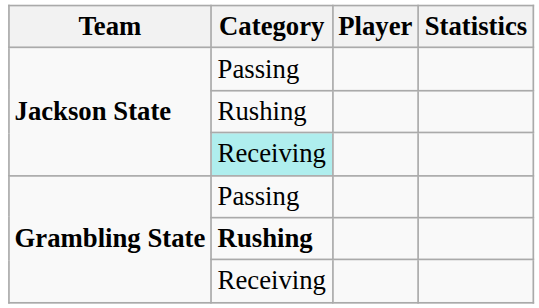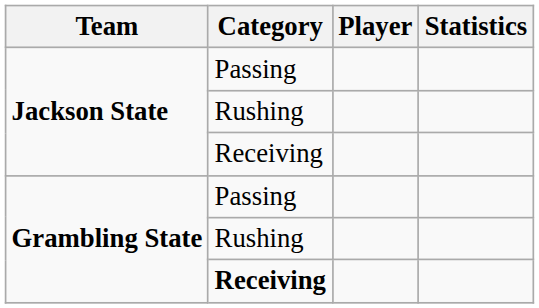 <table class="wikitable" style="float: right;">
 <tr>
 <th>Team</th>
 <th>Category</th>
 <th>Player</th>
 <th>Statistics</th>
 </tr>
 <tr>
 <td rowspan=3><strong>Jackson State</strong></td>
 <td>Passing</td>
 <td></td>
 <td></td>
 </tr>
 <tr>
 <td>Rushing</td>
 <td></td>
 <td></td>
 </tr>
 <tr>
-<td style="background: paleturquoise;">Receiving</td>
+<td>Receiving</td>
 <td></td>
 <td></td>
 </tr>
 <tr>
 <td rowspan=3><strong>Grambling State</strong></td>
 <td>Passing</td>
 <td></td>
 <td></td>
 </tr>
 <tr>
-<td><strong>Rushing</strong></td>
+<td>Rushing</td>
 <td></td>
 <td></td>
 </tr>
 <tr>
-<td>Receiving</td>
+<td><strong>Receiving</strong></td>
 <td></td>
 <td></td>
 </tr>
 </table>
